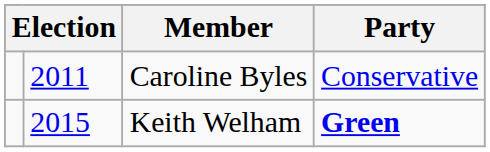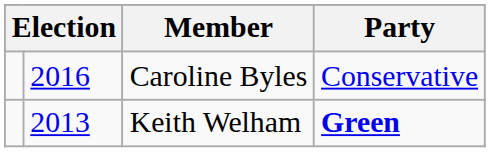 <table class="wikitable">
 <tr>
 <th colspan="2">Election</th>
 <th>Member</th>
 <th>Party</th>
 </tr>
 <tr>
 <td style="background-color: "></td>
-<td><a href='#'>2011</a></td>
+<td><a href='#'>2016</a></td>
 <td>Caroline Byles</td>
 <td><a href='#'>Conservative</a></td>
 </tr>
 <tr>
 <td style="background-color: "></td>
-<td><a href='#'>2015</a></td>
+<td><a href='#'>2013</a></td>
 <td>Keith Welham</td>
 <td><strong><a href='#'>Green</a></strong></td>
 </tr>
 </table>
